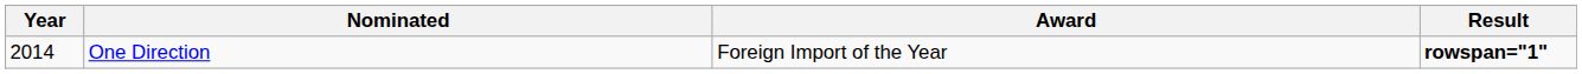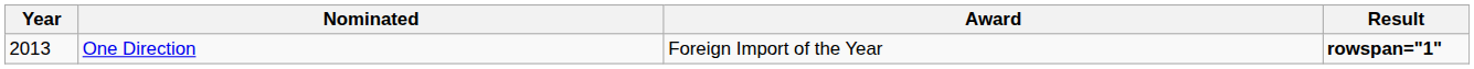 <table class="wikitable" style="width:100%;">
 <tr>
 <th width=5%>Year</th>
 <th style="width:40%;">Nominated</th>
 <th style="width:45%;">Award</th>
 <th style="width:10%;">Result</th>
 </tr>
 <tr>
-<td rowspan="1">2014</td>
+<td rowspan="1">2013</td>
 <td rowspan="1"><a href='#'>One Direction</a></td>
 <td>Foreign Import of the Year</td>
 <td><strong>rowspan="1" </strong></td>
 </tr>
 </table>
